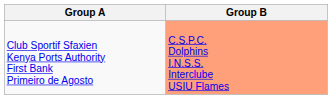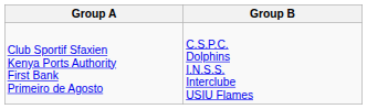 <table class="wikitable" width=40%>
 <tr>
 <th width=25%>Group A</th>
 <th width=25%>Group B</th>
 </tr>
 <tr>
 <td><br> <a href='#'>Club Sportif Sfaxien</a><br>  <a href='#'>Kenya Ports Authority</a><br>  <a href='#'>First Bank</a><br>  <a href='#'>Primeiro de Agosto</a></td>
-<td style="background: lightsalmon;"><br> <a href='#'>C.S.P.C.</a><br>  <a href='#'>Dolphins</a><br>  <a href='#'>I.N.S.S.</a><br>  <a href='#'>Interclube</a><br>  <a href='#'>USIU Flames</a></td>
+<td><br> <a href='#'>C.S.P.C.</a><br>  <a href='#'>Dolphins</a><br>  <a href='#'>I.N.S.S.</a><br>  <a href='#'>Interclube</a><br>  <a href='#'>USIU Flames</a></td>
 </tr>
 </table>
